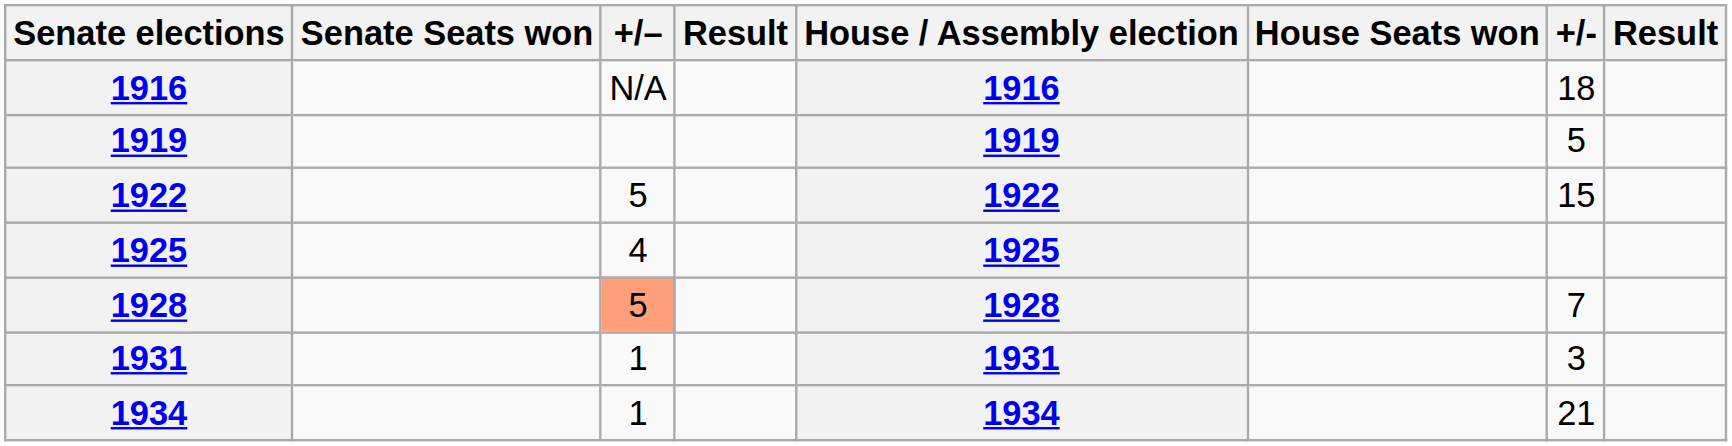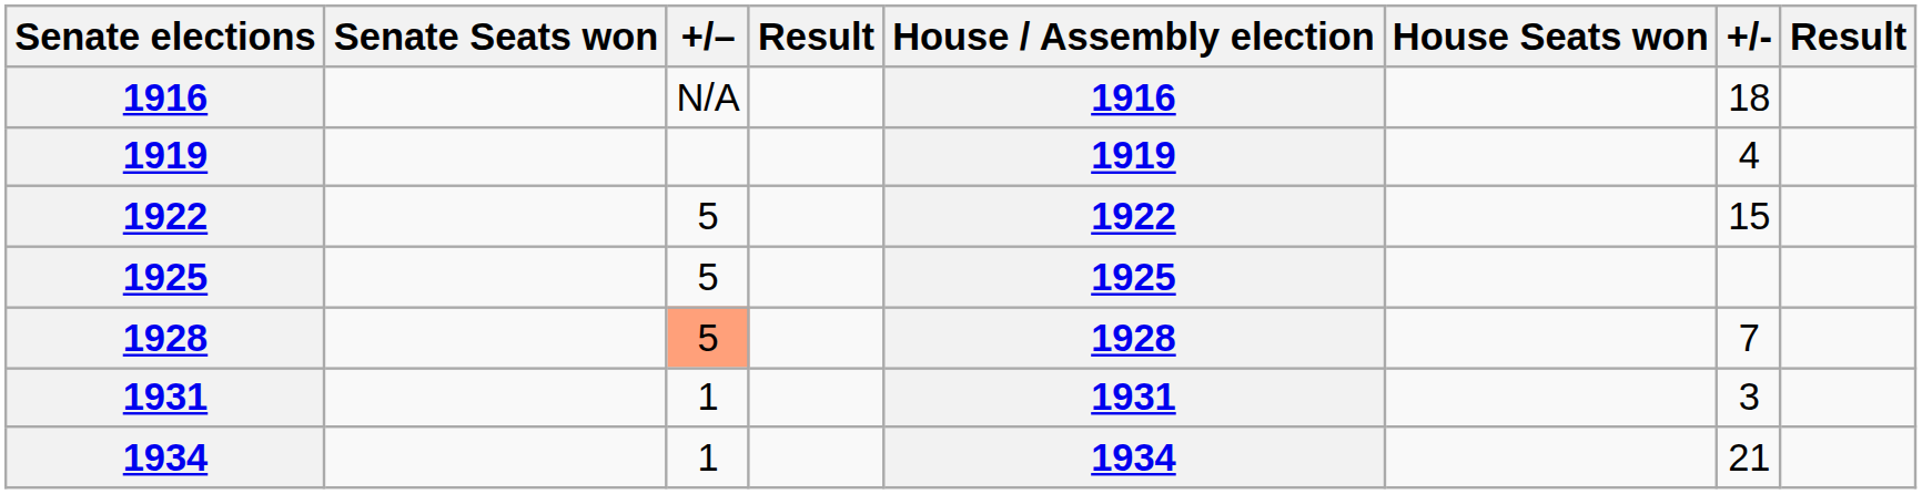 <table class="wikitable" style="text-align:center; font-size:90%">
 <tr>
 <th>Senate elections</th>
 <th>Senate Seats won</th>
 <th>+/–</th>
 <th>Result</th>
 <th>House / Assembly election</th>
 <th>House Seats won</th>
 <th>+/-</th>
 <th>Result</th>
 </tr>
 <tr>
 <th><a href='#'>1916</a></th>
 <td></td>
 <td>N/A</td>
 <td></td>
 <th><a href='#'>1916</a></th>
 <td></td>
 <td> 18</td>
 <td></td>
 </tr>
 <tr>
 <th><a href='#'>1919</a></th>
 <td></td>
 <td></td>
 <td></td>
 <th><a href='#'>1919</a></th>
 <td></td>
-<td> 5</td>
+<td> 4</td>
 <td></td>
 </tr>
 <tr>
 <th><a href='#'>1922</a></th>
 <td></td>
 <td> 5</td>
 <td></td>
 <th><a href='#'>1922</a></th>
 <td></td>
 <td> 15</td>
 <td></td>
 </tr>
 <tr>
 <th><a href='#'>1925</a></th>
 <td></td>
-<td> 4</td>
+<td> 5</td>
 <td></td>
 <th><a href='#'>1925</a></th>
 <td></td>
 <td></td>
 <td></td>
 </tr>
 <tr>
 <th><a href='#'>1928</a></th>
 <td></td>
 <td style="background: lightsalmon;"> 5</td>
 <td></td>
 <th><a href='#'>1928</a></th>
 <td></td>
 <td> 7</td>
 <td></td>
 </tr>
 <tr>
 <th><a href='#'>1931</a></th>
 <td></td>
 <td> 1</td>
 <td></td>
 <th><a href='#'>1931</a></th>
 <td></td>
 <td> 3</td>
 <td></td>
 </tr>
 <tr>
 <th><a href='#'>1934</a></th>
 <td></td>
 <td> 1</td>
 <td></td>
 <th><a href='#'>1934</a></th>
 <td></td>
 <td> 21</td>
 <td></td>
 </tr>
 </table>
